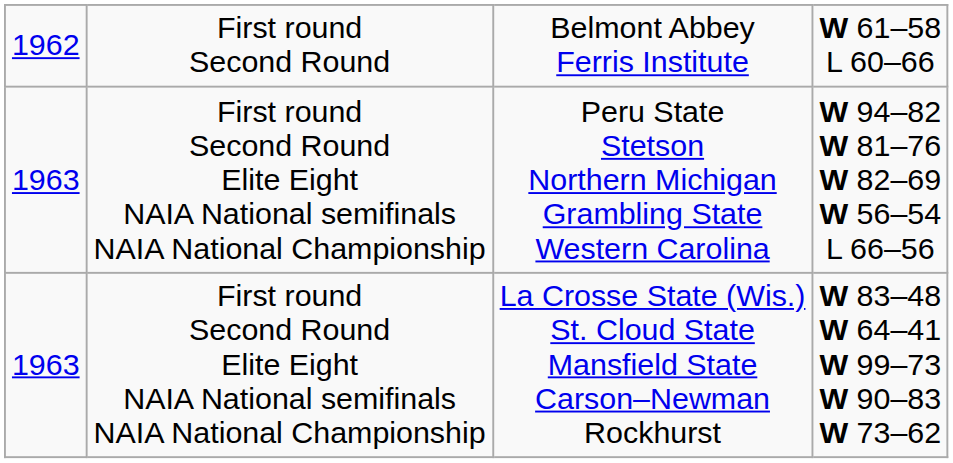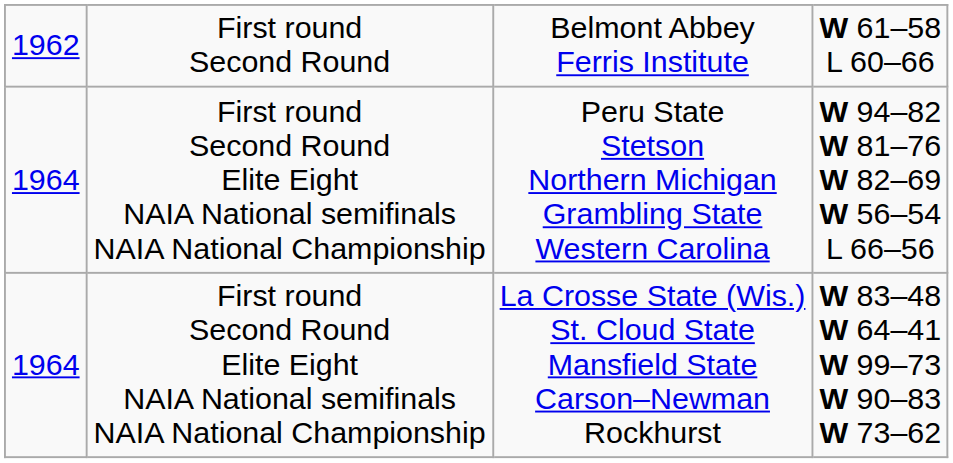 <table class="wikitable">
 <tr align="center">
 <td><a href='#'>1962</a></td>
 <td>First round<br>Second Round</td>
 <td>Belmont Abbey<br><a href='#'>Ferris Institute</a></td>
 <td><strong>W</strong> 61–58<br>L 60–66</td>
 </tr>
 <tr align="center">
-<td><a href='#'>1963</a></td>
+<td><a href='#'>1964</a></td>
 <td>First round<br>Second Round<br>Elite Eight<br>NAIA National semifinals<br>NAIA National Championship</td>
 <td>Peru State<br><a href='#'>Stetson</a><br><a href='#'>Northern Michigan</a><br><a href='#'>Grambling State</a><br><a href='#'>Western Carolina</a></td>
 <td><strong>W</strong> 94–82<br><strong>W</strong> 81–76<br><strong>W</strong> 82–69<br><strong>W</strong> 56–54<br>L 66–56</td>
 </tr>
 <tr align="center">
-<td><a href='#'>1963</a></td>
+<td><a href='#'>1964</a></td>
 <td>First round<br>Second Round<br>Elite Eight<br>NAIA National semifinals<br>NAIA National Championship</td>
 <td><a href='#'>La Crosse State (Wis.)</a><br><a href='#'>St. Cloud State</a><br><a href='#'>Mansfield State</a><br><a href='#'>Carson–Newman</a><br>Rockhurst</td>
 <td><strong>W</strong> 83–48<br><strong>W</strong> 64–41<br><strong>W</strong> 99–73<br><strong>W</strong> 90–83<br><strong>W</strong> 73–62</td>
 </tr>
 </table>
